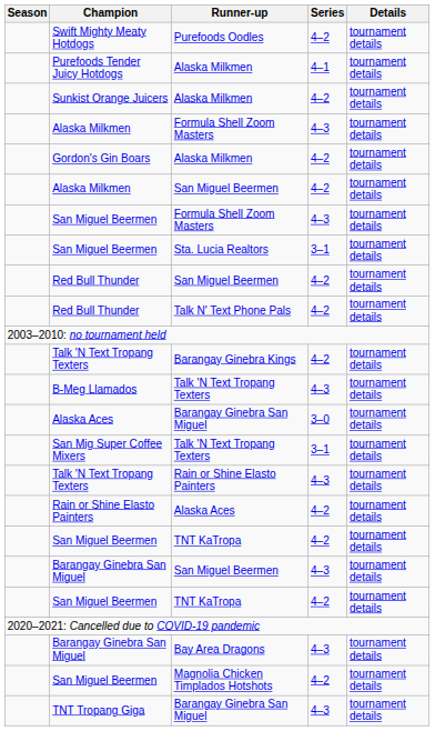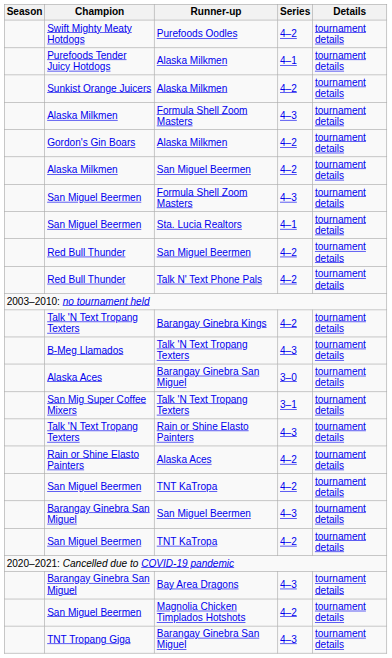 <table class="wikitable">
 <tr>
 <th>Season</th>
 <th>Champion</th>
 <th>Runner-up</th>
 <th>Series</th>
 <th>Details</th>
 </tr>
 <tr>
 <td></td>
 <td><a href='#'>Swift Mighty Meaty Hotdogs</a></td>
 <td><a href='#'>Purefoods Oodles</a></td>
 <td><a href='#'>4–2</a></td>
 <td><a href='#'>tournament details</a></td>
 </tr>
 <tr>
 <td></td>
 <td><a href='#'>Purefoods Tender Juicy Hotdogs</a></td>
 <td><a href='#'>Alaska Milkmen</a></td>
 <td><a href='#'>4–1</a></td>
 <td><a href='#'>tournament details</a></td>
 </tr>
 <tr>
 <td></td>
 <td><a href='#'>Sunkist Orange Juicers</a></td>
 <td><a href='#'>Alaska Milkmen</a></td>
 <td><a href='#'>4–2</a></td>
 <td><a href='#'>tournament details</a></td>
 </tr>
 <tr>
 <td></td>
 <td><a href='#'>Alaska Milkmen</a></td>
 <td><a href='#'>Formula Shell Zoom Masters</a></td>
 <td><a href='#'>4–3</a></td>
 <td><a href='#'>tournament details</a></td>
 </tr>
 <tr>
 <td></td>
 <td><a href='#'>Gordon's Gin Boars</a></td>
 <td><a href='#'>Alaska Milkmen</a></td>
 <td><a href='#'>4–2</a></td>
 <td><a href='#'>tournament details</a></td>
 </tr>
 <tr>
 <td></td>
 <td><a href='#'>Alaska Milkmen</a></td>
 <td><a href='#'>San Miguel Beermen</a></td>
 <td><a href='#'>4–2</a></td>
 <td><a href='#'>tournament details</a></td>
 </tr>
 <tr>
 <td></td>
 <td><a href='#'>San Miguel Beermen</a></td>
 <td><a href='#'>Formula Shell Zoom Masters</a></td>
 <td><a href='#'>4–3</a></td>
 <td><a href='#'>tournament details</a></td>
 </tr>
 <tr>
 <td></td>
 <td><a href='#'>San Miguel Beermen</a></td>
 <td><a href='#'>Sta. Lucia Realtors</a></td>
-<td><a href='#'>3–1</a></td>
+<td><a href='#'>4–1</a></td>
 <td><a href='#'>tournament details</a></td>
 </tr>
 <tr>
 <td></td>
 <td><a href='#'>Red Bull Thunder</a></td>
 <td><a href='#'>San Miguel Beermen</a></td>
 <td><a href='#'>4–2</a></td>
 <td><a href='#'>tournament details</a></td>
 </tr>
 <tr>
 <td></td>
 <td><a href='#'>Red Bull Thunder</a></td>
 <td><a href='#'>Talk N' Text Phone Pals</a></td>
 <td><a href='#'>4–2</a></td>
 <td><a href='#'>tournament details</a></td>
 </tr>
 <tr>
 <td colspan=6>2003–2010: <em><a href='#'>no tournament held</a></em></td>
 </tr>
 <tr>
 <td></td>
 <td><a href='#'>Talk 'N Text Tropang Texters</a></td>
 <td><a href='#'>Barangay Ginebra Kings</a></td>
 <td><a href='#'>4–2</a></td>
 <td><a href='#'>tournament details</a></td>
 </tr>
 <tr>
 <td></td>
 <td><a href='#'>B-Meg Llamados</a></td>
 <td><a href='#'>Talk 'N Text Tropang Texters</a></td>
 <td><a href='#'>4–3</a></td>
 <td><a href='#'>tournament details</a></td>
 </tr>
 <tr>
 <td></td>
 <td><a href='#'>Alaska Aces</a></td>
 <td><a href='#'>Barangay Ginebra San Miguel</a></td>
 <td><a href='#'>3–0</a></td>
 <td><a href='#'>tournament details</a></td>
 </tr>
 <tr>
 <td></td>
 <td><a href='#'>San Mig Super Coffee Mixers</a></td>
 <td><a href='#'>Talk 'N Text Tropang Texters</a></td>
 <td><a href='#'>3–1</a></td>
 <td><a href='#'>tournament details</a></td>
 </tr>
 <tr>
 <td></td>
 <td><a href='#'>Talk 'N Text Tropang Texters</a></td>
 <td><a href='#'>Rain or Shine Elasto Painters</a></td>
 <td><a href='#'>4–3</a></td>
 <td><a href='#'>tournament details</a></td>
 </tr>
 <tr>
 <td></td>
 <td><a href='#'>Rain or Shine Elasto Painters</a></td>
 <td><a href='#'>Alaska Aces</a></td>
 <td><a href='#'>4–2</a></td>
 <td><a href='#'>tournament details</a></td>
 </tr>
 <tr>
 <td></td>
 <td><a href='#'>San Miguel Beermen</a></td>
 <td><a href='#'>TNT KaTropa</a></td>
 <td><a href='#'>4–2</a></td>
 <td><a href='#'>tournament details</a></td>
 </tr>
 <tr>
 <td></td>
 <td><a href='#'>Barangay Ginebra San Miguel</a></td>
 <td><a href='#'>San Miguel Beermen</a></td>
 <td><a href='#'>4–3</a></td>
 <td><a href='#'>tournament details</a></td>
 </tr>
 <tr>
 <td></td>
 <td><a href='#'>San Miguel Beermen</a></td>
 <td><a href='#'>TNT KaTropa</a></td>
 <td><a href='#'>4–2</a></td>
 <td><a href='#'>tournament details</a></td>
 </tr>
 <tr>
 <td colspan=6>2020–2021: <em>Cancelled due to <a href='#'>COVID-19 pandemic</a></em></td>
 </tr>
 <tr>
 <td></td>
 <td><a href='#'>Barangay Ginebra San Miguel</a></td>
 <td><a href='#'>Bay Area Dragons</a></td>
 <td><a href='#'>4–3</a></td>
 <td><a href='#'>tournament details</a></td>
 </tr>
 <tr>
 <td></td>
 <td><a href='#'>San Miguel Beermen</a></td>
 <td><a href='#'>Magnolia Chicken Timplados Hotshots</a></td>
 <td><a href='#'>4–2</a></td>
 <td><a href='#'>tournament details</a></td>
 </tr>
 <tr>
 <td></td>
 <td><a href='#'>TNT Tropang Giga</a></td>
 <td><a href='#'>Barangay Ginebra San Miguel</a></td>
 <td><a href='#'> 4–3</a></td>
 <td><a href='#'>tournament details</a></td>
 </tr>
 </table>
